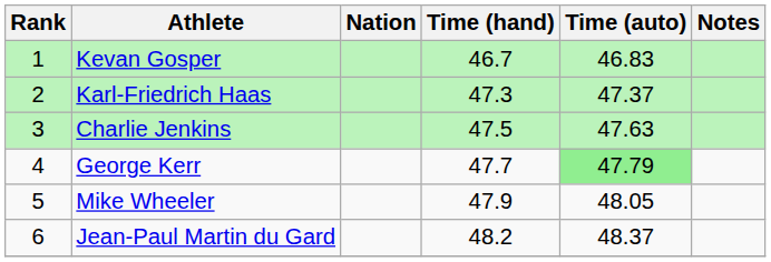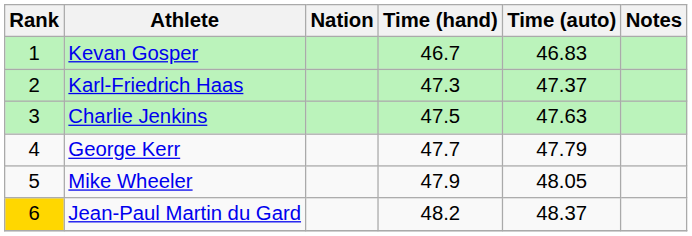 <table class="wikitable sortable" style="text-align:center">
 <tr>
 <th>Rank</th>
 <th>Athlete</th>
 <th>Nation</th>
 <th>Time (hand)</th>
 <th>Time (auto)</th>
 <th>Notes</th>
 </tr>
 <tr bgcolor=bbf3bb>
 <td>1</td>
 <td align=left><a href='#'>Kevan Gosper</a></td>
 <td align=left></td>
 <td>46.7</td>
 <td>46.83</td>
 <td></td>
 </tr>
 <tr bgcolor=bbf3bb>
 <td>2</td>
 <td align=left><a href='#'>Karl-Friedrich Haas</a></td>
 <td align=left></td>
 <td>47.3</td>
 <td>47.37</td>
 <td></td>
 </tr>
 <tr bgcolor=bbf3bb>
 <td>3</td>
 <td align=left><a href='#'>Charlie Jenkins</a></td>
 <td align=left></td>
 <td>47.5</td>
 <td>47.63</td>
 <td></td>
 </tr>
 <tr>
 <td>4</td>
 <td align=left><a href='#'>George Kerr</a></td>
 <td align=left></td>
 <td>47.7</td>
-<td style="background: lightgreen;">47.79</td>
+<td>47.79</td>
 <td></td>
 </tr>
 <tr>
 <td>5</td>
 <td align=left><a href='#'>Mike Wheeler</a></td>
 <td align=left></td>
 <td>47.9</td>
 <td>48.05</td>
 <td></td>
 </tr>
 <tr>
-<td>6</td>
+<td style="background: gold;">6</td>
 <td align=left><a href='#'>Jean-Paul Martin du Gard</a></td>
 <td align=left></td>
 <td>48.2</td>
 <td>48.37</td>
 <td></td>
 </tr>
 <tr>
 </tr>
 </table>
